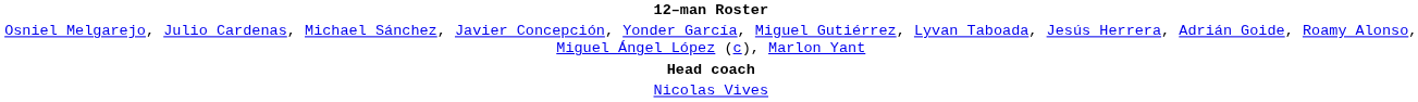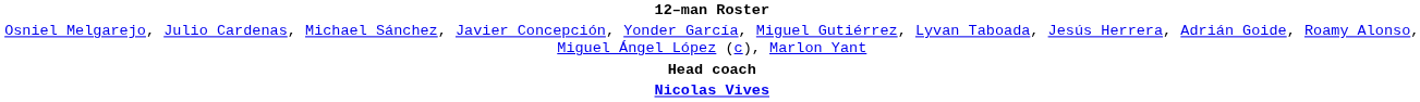 <table style="text-align:center; margin-top:2em; margin-left:auto; margin-right:auto">
 <tr>
 <td><strong>12–man Roster</strong></td>
 </tr>
 <tr>
 <td><a href='#'>Osniel Melgarejo</a>, <a href='#'>Julio Cardenas</a>, <a href='#'>Michael Sánchez</a>, <a href='#'>Javier Concepción</a>, <a href='#'>Yonder García</a>, <a href='#'>Miguel Gutiérrez</a>, <a href='#'>Lyvan Taboada</a>, <a href='#'>Jesús Herrera</a>, <a href='#'>Adrián Goide</a>, <a href='#'>Roamy Alonso</a>, <a href='#'>Miguel Ángel López</a> (<a href='#'>c</a>), <a href='#'>Marlon Yant</a></td>
 </tr>
 <tr>
 <td><strong>Head coach</strong></td>
 </tr>
 <tr>
-<td><a href='#'>Nicolas Vives</a></td>
+<td><strong><a href='#'>Nicolas Vives</a></strong></td>
 </tr>
 </table>
